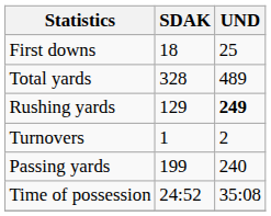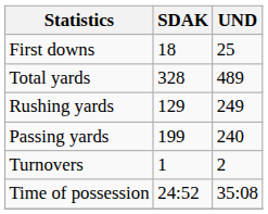 <table class="wikitable" style="float: left;">
 <tr>
 <th>Statistics</th>
 <th>SDAK</th>
 <th>UND</th>
 </tr>
 <tr>
 <td>First downs</td>
 <td>18</td>
 <td>25</td>
 </tr>
 <tr>
 <td>Total yards</td>
 <td>328</td>
 <td>489</td>
 </tr>
 <tr>
 <td>Rushing yards</td>
 <td>129</td>
-<td><strong>249</strong></td>
+<td>249</td>
+</tr>
+<tr>
+<td>Passing yards</td>
+<td>199</td>
+<td>240</td>
 </tr>
 <tr>
 <td>Turnovers</td>
 <td>1</td>
 <td>2</td>
-</tr>
-<tr>
-<td>Passing yards</td>
-<td>199</td>
-<td>240</td>
 </tr>
 <tr>
 <td>Time of possession</td>
 <td>24:52</td>
 <td>35:08</td>
 </tr>
 <tr>
 </tr>
 </table>
